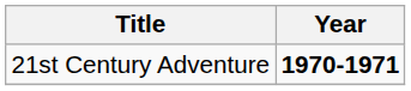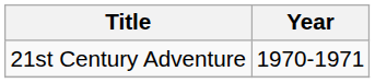 <table class="wikitable sortable">
 <tr>
 <th>Title</th>
 <th>Year</th>
 </tr>
 <tr>
 <td>21st Century Adventure</td>
-<td><strong>1970-1971</strong></td>
+<td>1970-1971</td>
 </tr>
 <tr>
 </tr>
 </table>
